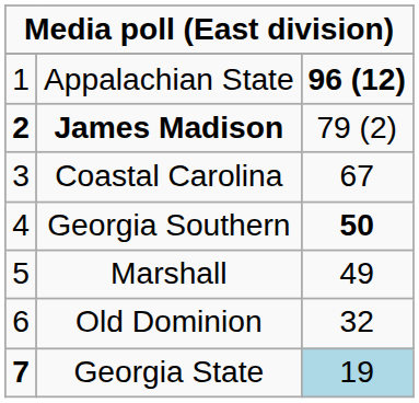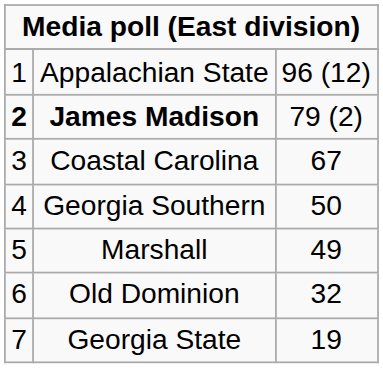 <table class="wikitable" style="display: inline-table;">
 <tr>
 <td align="center" Colspan="3"><strong>Media poll (East division)</strong></td>
 </tr>
 <tr align="center">
 </tr>
 <tr align="center">
 <td>1</td>
 <td>Appalachian State</td>
-<td><strong>96 (12)</strong></td>
+<td>96 (12)</td>
 </tr>
 <tr align="center">
 <td><strong>2</strong></td>
 <td><strong>James Madison</strong></td>
 <td>79 (2)</td>
 </tr>
 <tr align="center">
 <td>3</td>
 <td>Coastal Carolina</td>
 <td>67</td>
 </tr>
 <tr align="center">
 <td>4</td>
 <td>Georgia Southern</td>
-<td><strong>50</strong></td>
+<td>50</td>
 </tr>
 <tr align="center">
 <td>5</td>
 <td>Marshall</td>
 <td>49</td>
 </tr>
 <tr align="center">
 <td>6</td>
 <td>Old Dominion</td>
 <td>32</td>
 </tr>
 <tr align="center">
-<td><strong>7</strong></td>
+<td>7</td>
 <td>Georgia State</td>
-<td style="background: lightblue;">19</td>
+<td>19</td>
 </tr>
 </table>
